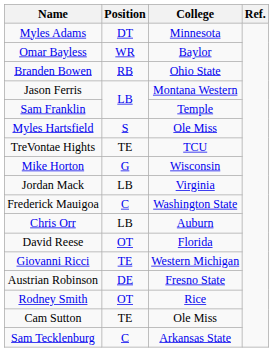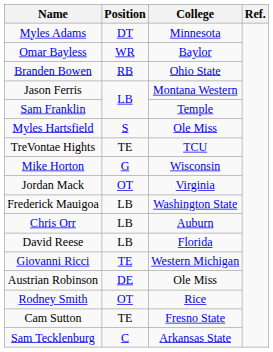 <table class="wikitable" style="text-align:center">
 <tr>
 <th>Name</th>
 <th>Position</th>
 <th>College</th>
 <th>Ref.</th>
 </tr>
 <tr>
 <td><a href='#'>Myles Adams</a></td>
 <td><a href='#'>DT</a></td>
 <td><a href='#'>Minnesota</a></td>
 <td rowspan = 17></td>
 </tr>
 <tr>
 <td><a href='#'>Omar Bayless</a></td>
 <td><a href='#'>WR</a></td>
 <td><a href='#'>Baylor</a></td>
 </tr>
 <tr>
 <td><a href='#'>Branden Bowen</a></td>
 <td><a href='#'>RB</a></td>
 <td><a href='#'>Ohio State</a></td>
 </tr>
 <tr>
 <td>Jason Ferris</td>
 <td rowspan = 2><a href='#'>LB</a></td>
 <td><a href='#'>Montana Western</a></td>
 </tr>
 <tr>
 <td><a href='#'>Sam Franklin</a></td>
 <td><a href='#'>Temple</a></td>
 </tr>
 <tr>
 <td><a href='#'>Myles Hartsfield</a></td>
 <td><a href='#'>S</a></td>
 <td><a href='#'>Ole Miss</a></td>
 </tr>
 <tr>
 <td>TreVontae Hights</td>
 <td>TE</td>
 <td><a href='#'>TCU</a></td>
 </tr>
 <tr>
 <td><a href='#'>Mike Horton</a></td>
 <td><a href='#'>G</a></td>
 <td><a href='#'>Wisconsin</a></td>
 </tr>
 <tr>
 <td>Jordan Mack</td>
-<td>LB</td>
+<td><a href='#'>OT</a></td>
 <td><a href='#'>Virginia</a></td>
 </tr>
 <tr>
 <td>Frederick Mauigoa</td>
-<td><a href='#'>C</a></td>
+<td>LB</td>
 <td><a href='#'>Washington State</a></td>
 </tr>
 <tr>
 <td><a href='#'>Chris Orr</a></td>
 <td>LB</td>
 <td><a href='#'>Auburn</a></td>
 </tr>
 <tr>
 <td>David Reese</td>
-<td><a href='#'>OT</a></td>
+<td>LB</td>
 <td><a href='#'>Florida</a></td>
 </tr>
 <tr>
 <td><a href='#'>Giovanni Ricci</a></td>
 <td><a href='#'>TE</a></td>
 <td><a href='#'>Western Michigan</a></td>
 </tr>
 <tr>
 <td>Austrian Robinson</td>
 <td><a href='#'>DE</a></td>
-<td><a href='#'>Fresno State</a></td>
+<td>Ole Miss</td>
 </tr>
 <tr>
 <td><a href='#'>Rodney Smith</a></td>
 <td><a href='#'>OT</a></td>
 <td><a href='#'>Rice</a></td>
 </tr>
 <tr>
 <td>Cam Sutton</td>
 <td>TE</td>
-<td>Ole Miss</td>
+<td><a href='#'>Fresno State</a></td>
 </tr>
 <tr>
 <td><a href='#'>Sam Tecklenburg</a></td>
 <td><a href='#'>C</a></td>
 <td><a href='#'>Arkansas State</a></td>
 </tr>
 </table>
